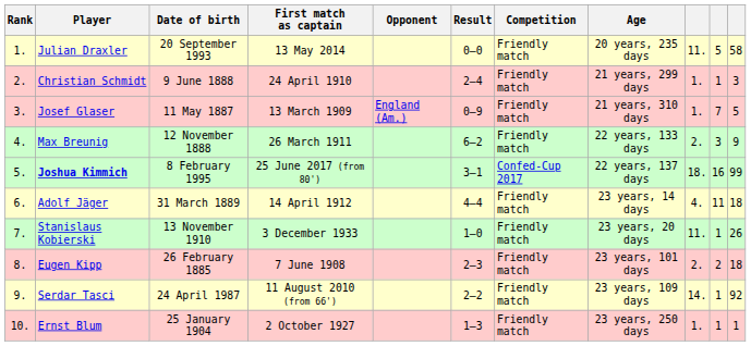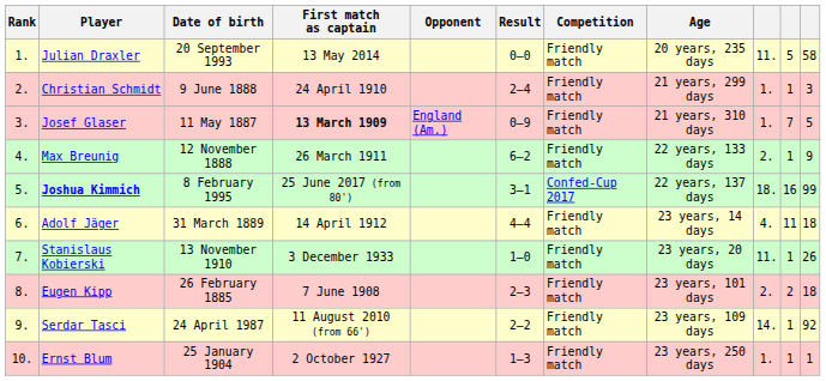 <table class="wikitable sortable nowrap" style="text-align:center;font-size:96%">
 <tr>
 <th>Rank</th>
 <th>Player</th>
 <th>Date of birth</th>
 <th>First match<br>as captain</th>
 <th>Opponent</th>
 <th class="unsortable">Result</th>
 <th>Competition</th>
 <th>Age</th>
 <th></th>
 <th></th>
 <th></th>
 </tr>
 <tr style="background:#FFFFCC">
 <td>1.</td>
 <td style="text-align:left"><a href='#'>Julian Draxler</a></td>
 <td>20 September 1993</td>
 <td>13 May 2014</td>
 <td style="text-align:left"></td>
 <td>0–0</td>
 <td style="text-align:left">Friendly match</td>
 <td>20 years, 235 days</td>
 <td>11.</td>
 <td>5</td>
 <td>58</td>
 </tr>
 <tr style="background:#FFCCCC">
 <td>2.</td>
 <td style="text-align:left"><a href='#'>Christian Schmidt</a></td>
 <td>9 June 1888</td>
 <td>24 April 1910</td>
 <td style="text-align:left"></td>
 <td>2–4</td>
 <td style="text-align:left">Friendly match</td>
 <td>21 years, 299 days</td>
 <td>1.</td>
 <td>1</td>
 <td>3</td>
 </tr>
 <tr style="background:#FFCCCC">
 <td>3.</td>
 <td style="text-align:left"><a href='#'>Josef Glaser</a></td>
 <td>11 May 1887</td>
-<td>13 March 1909</td>
+<td><strong>13 March 1909</strong></td>
 <td style="text-align:left"> <a href='#'>England (Am.)</a></td>
 <td>0–9</td>
 <td style="text-align:left">Friendly match</td>
 <td>21 years, 310 days</td>
 <td>1.</td>
 <td>7</td>
 <td>5</td>
 </tr>
 <tr style="background:#CCFFCC">
 <td>4.</td>
 <td style="text-align:left"><a href='#'>Max Breunig</a></td>
 <td>12 November 1888</td>
 <td>26 March 1911</td>
 <td style="text-align:left"></td>
 <td>6–2</td>
 <td style="text-align:left">Friendly match</td>
 <td>22 years, 133 days</td>
 <td>2.</td>
-<td>3</td>
+<td>1</td>
 <td>9</td>
 </tr>
 <tr style="background:#CCFFCC">
 <td>5.</td>
 <td style="text-align:left"><strong><a href='#'>Joshua Kimmich</a></strong></td>
 <td>8 February 1995</td>
 <td>25 June 2017<small> (from 80')</small></td>
 <td style="text-align:left"></td>
 <td>3–1</td>
 <td style="text-align:left"><a href='#'>Confed-Cup 2017</a></td>
 <td>22 years, 137 days</td>
 <td>18.</td>
 <td>16</td>
 <td>99</td>
 </tr>
 <tr style="background:#FFFFCC">
 <td>6.</td>
 <td style="text-align:left"><a href='#'>Adolf Jäger</a></td>
 <td>31 March 1889</td>
 <td>14 April 1912</td>
 <td style="text-align:left"></td>
 <td>4–4</td>
 <td style="text-align:left">Friendly match</td>
 <td>23 years, 14 days</td>
 <td>4.</td>
 <td>11</td>
 <td>18</td>
 </tr>
 <tr style="background:#CCFFCC">
 <td>7.</td>
 <td style="text-align:left"><a href='#'>Stanislaus Kobierski</a></td>
 <td>13 November 1910</td>
 <td>3 December 1933</td>
 <td style="text-align:left"></td>
 <td>1–0</td>
 <td style="text-align:left">Friendly match</td>
 <td>23 years, 20 days</td>
 <td>11.</td>
 <td>1</td>
 <td>26</td>
 </tr>
 <tr style="background:#FFCCCC">
 <td>8.</td>
 <td style="text-align:left"><a href='#'>Eugen Kipp</a></td>
 <td>26 February 1885</td>
 <td>7 June 1908</td>
 <td style="text-align:left"></td>
 <td>2–3</td>
 <td style="text-align:left">Friendly match</td>
 <td>23 years, 101 days</td>
 <td>2.</td>
 <td>2</td>
 <td>18</td>
 </tr>
 <tr style="background:#FFFFCC">
 <td>9.</td>
 <td style="text-align:left"><a href='#'>Serdar Tasci</a></td>
 <td>24 April 1987</td>
 <td>11 August 2010 <small>(from 66')</small></td>
 <td style="text-align:left"></td>
 <td>2–2</td>
 <td style="text-align:left">Friendly match</td>
 <td>23 years, 109 days</td>
 <td>14.</td>
 <td>1</td>
 <td>92</td>
 </tr>
 <tr style="background:#FFCCCC">
 <td>10.</td>
 <td style="text-align:left"><a href='#'>Ernst Blum</a></td>
 <td>25 January 1904</td>
 <td>2 October 1927</td>
 <td style="text-align:left"></td>
 <td>1–3</td>
 <td style="text-align:left">Friendly match</td>
 <td>23 years, 250 days</td>
 <td>1.</td>
 <td>1</td>
 <td>1</td>
 </tr>
 </table>
